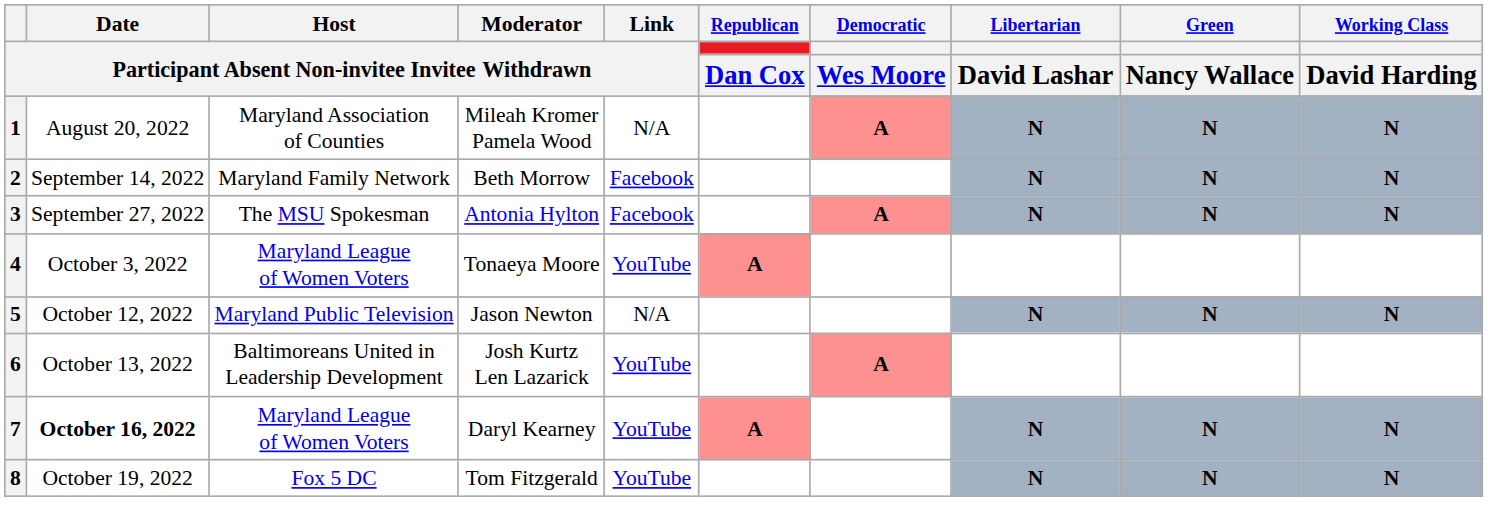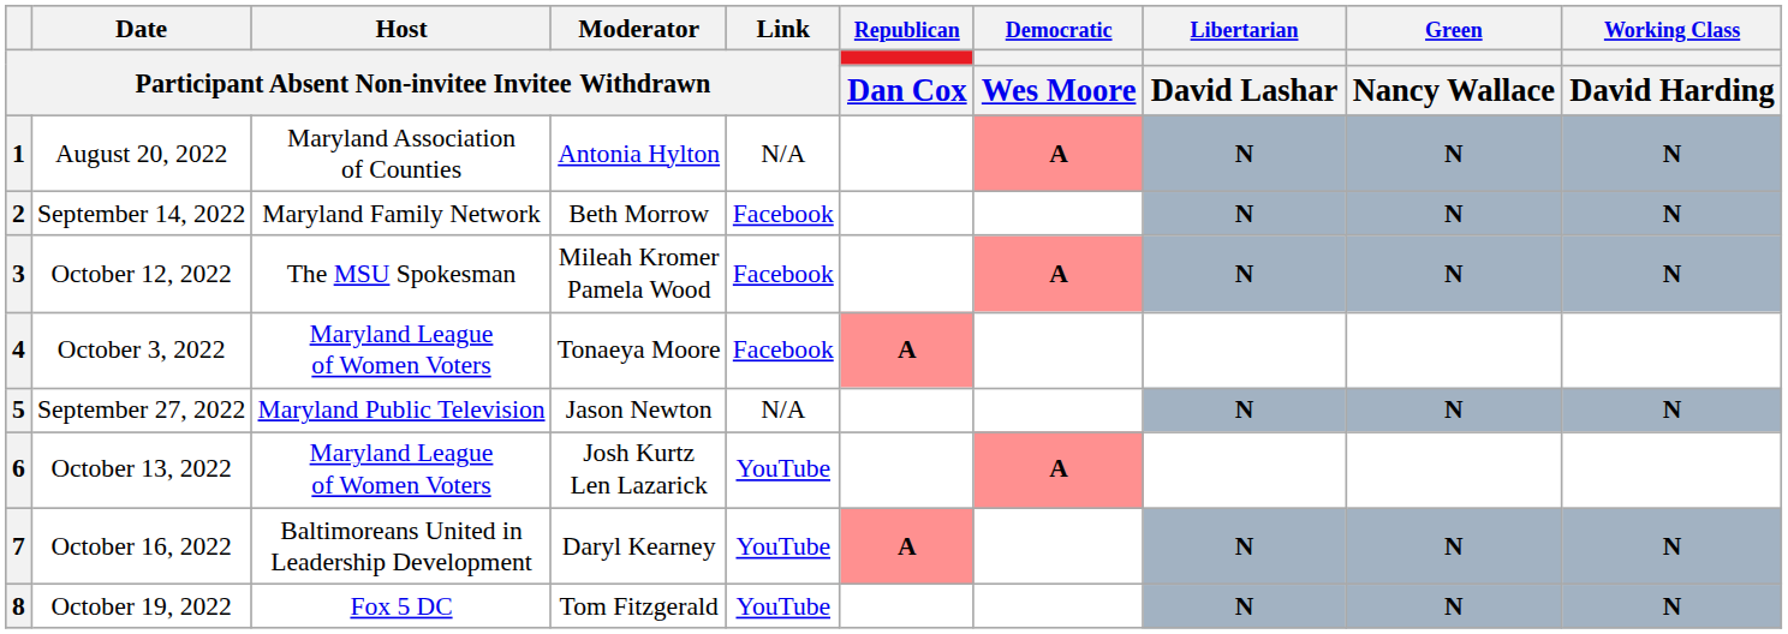 <table class="wikitable mw-collapsible" style="text-align:center;">
 <tr style="font-size:small;">
 <th scope="col"></th>
 <th scope="col">Date</th>
 <th scope="col">Host</th>
 <th scope="col">Moderator</th>
 <th scope="col">Link</th>
 <th scope="col"><small><a href='#'>Republican</a></small></th>
 <th scope="col"><small><a href='#'>Democratic</a></small></th>
 <th scope="col"><small><a href='#'>Libertarian</a></small></th>
 <th scope="col"><small><a href='#'>Green</a></small></th>
 <th scope="col"><small><a href='#'>Working Class</a></small></th>
 </tr>
 <tr>
 <th colspan="5" rowspan="2"> <small>Participant </small> <small>Absent </small> <small>Non-invitee </small> <small>Invitee</small> <small> Withdrawn</small></th>
 <th scope="col" style="background:#E81B23;"></th>
 <th scope="col" style="background:"></th>
 <th scope="col" style="background:"></th>
 <th scope="col" style="background:"></th>
 <th scope="col" style="background:"></th>
 </tr>
 <tr>
 <th scope="col"><a href='#'>Dan Cox</a></th>
 <th scope="col"><a href='#'>Wes Moore</a></th>
 <th scope="col">David Lashar</th>
 <th scope="col">Nancy Wallace</th>
 <th scope="col">David Harding</th>
 </tr>
 <tr style="background:#FFFFFF;font-size:small;">
 <th scope="row">1</th>
 <td style="white-space:nowrap;">August 20, 2022</td>
 <td style="white-space:nowrap;">Maryland Association<br>of Counties</td>
-<td style="white-space:nowrap;">Mileah Kromer<br>Pamela Wood</td>
+<td style="white-space:nowrap;"><a href='#'>Antonia Hylton</a></td>
 <td style="white-space:nowrap;">N/A</td>
 <td></td>
 <td style="background:#ff9090; color:black; text-align:center;"><strong>A</strong></td>
 <td style="background:#A2B2C2; color:black; text-align:center;"><strong>N</strong></td>
 <td style="background:#A2B2C2; color:black; text-align:center;"><strong>N</strong></td>
 <td style="background:#A2B2C2; color:black; text-align:center;"><strong>N</strong></td>
 </tr>
 <tr style="background:#FFFFFF;font-size:small;">
 <th scope="row">2</th>
 <td style="white-space:nowrap;">September 14, 2022</td>
 <td style="white-space:nowrap;">Maryland Family Network</td>
 <td style="white-space:nowrap;">Beth Morrow</td>
 <td style="white-space:nowrap;"><a href='#'>Facebook</a></td>
 <td></td>
 <td></td>
 <td style="background:#A2B2C2; color:black; text-align:center;"><strong>N</strong></td>
 <td style="background:#A2B2C2; color:black; text-align:center;"><strong>N</strong></td>
 <td style="background:#A2B2C2; color:black; text-align:center;"><strong>N</strong></td>
 </tr>
 <tr style="background:#FFFFFF;font-size:small;">
 <th scope="row">3</th>
-<td style="white-space:nowrap;">September 27, 2022</td>
+<td style="white-space:nowrap;">October 12, 2022</td>
 <td style="white-space:nowrap;">The <a href='#'>MSU</a> Spokesman</td>
-<td style="white-space:nowrap;"><a href='#'>Antonia Hylton</a></td>
+<td style="white-space:nowrap;">Mileah Kromer<br>Pamela Wood</td>
 <td style="white-space:nowrap;"><a href='#'>Facebook</a></td>
 <td></td>
 <td style="background:#ff9090; color:black; text-align:center;"><strong>A</strong></td>
 <td style="background:#A2B2C2; color:black; text-align:center;"><strong>N</strong></td>
 <td style="background:#A2B2C2; color:black; text-align:center;"><strong>N</strong></td>
 <td style="background:#A2B2C2; color:black; text-align:center;"><strong>N</strong></td>
 </tr>
 <tr style="background:#FFFFFF;font-size:small;">
 <th scope="row">4</th>
 <td style="white-space:nowrap;">October 3, 2022</td>
 <td style="white-space:nowrap;"><a href='#'>Maryland League<br>of Women Voters</a></td>
 <td style="white-space:nowrap;">Tonaeya Moore</td>
-<td style="white-space:nowrap;"><a href='#'>YouTube</a></td>
+<td style="white-space:nowrap;"><a href='#'>Facebook</a></td>
 <td style="background:#ff9090; color:black; text-align:center;"><strong>A</strong></td>
 <td></td>
 <td></td>
 <td></td>
 <td></td>
 </tr>
 <tr style="background:#FFFFFF;font-size:small;">
 <th scope="row">5</th>
-<td style="white-space:nowrap;">October 12, 2022</td>
+<td style="white-space:nowrap;">September 27, 2022</td>
 <td style="white-space:nowrap;"><a href='#'>Maryland Public Television</a></td>
 <td style="white-space:nowrap;">Jason Newton</td>
 <td style="white-space:nowrap;">N/A</td>
 <td></td>
 <td></td>
 <td style="background:#A2B2C2; color:black; text-align:center;"><strong>N</strong></td>
 <td style="background:#A2B2C2; color:black; text-align:center;"><strong>N</strong></td>
 <td style="background:#A2B2C2; color:black; text-align:center;"><strong>N</strong></td>
 </tr>
 <tr style="background:#FFFFFF;font-size:small;">
 <th scope="row">6</th>
 <td style="white-space:nowrap;">October 13, 2022</td>
-<td style="white-space:nowrap;">Baltimoreans United in <br>Leadership Development</td>
+<td style="white-space:nowrap;"><a href='#'>Maryland League<br>of Women Voters</a></td>
 <td style="white-space:nowrap;">Josh Kurtz<br>Len Lazarick</td>
 <td style="white-space:nowrap;"><a href='#'>YouTube</a></td>
 <td></td>
 <td style="background:#ff9090; color:black; text-align:center;"><strong>A</strong></td>
 <td></td>
 <td></td>
 <td></td>
 </tr>
 <tr style="background:#FFFFFF;font-size:small;">
 <th scope="row">7</th>
-<td style="white-space:nowrap;"><strong>October 16, 2022</strong></td>
-<td style="white-space:nowrap;"><a href='#'>Maryland League<br>of Women Voters</a></td>
+<td style="white-space:nowrap;">October 16, 2022</td>
+<td style="white-space:nowrap;">Baltimoreans United in <br>Leadership Development</td>
 <td style="white-space:nowrap;">Daryl Kearney</td>
 <td style="white-space:nowrap;"><a href='#'>YouTube</a></td>
 <td style="background:#ff9090; color:black; text-align:center;"><strong>A</strong></td>
 <td></td>
 <td style="background:#A2B2C2; color:black; text-align:center;"><strong>N</strong></td>
 <td style="background:#A2B2C2; color:black; text-align:center;"><strong>N</strong></td>
 <td style="background:#A2B2C2; color:black; text-align:center;"><strong>N</strong></td>
 </tr>
 <tr style="background:#FFFFFF;font-size:small;">
 <th scope="row">8</th>
 <td style="white-space:nowrap;">October 19, 2022</td>
 <td style="white-space:nowrap;"><a href='#'>Fox 5 DC</a></td>
 <td style="white-space:nowrap;">Tom Fitzgerald</td>
 <td style="white-space:nowrap;"><a href='#'>YouTube</a></td>
 <td></td>
 <td></td>
 <td style="background:#A2B2C2; color:black; text-align:center;"><strong>N</strong></td>
 <td style="background:#A2B2C2; color:black; text-align:center;"><strong>N</strong></td>
 <td style="background:#A2B2C2; color:black; text-align:center;"><strong>N</strong></td>
 </tr>
 </table>
